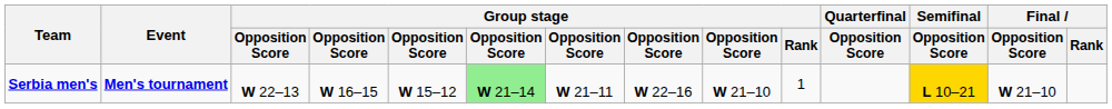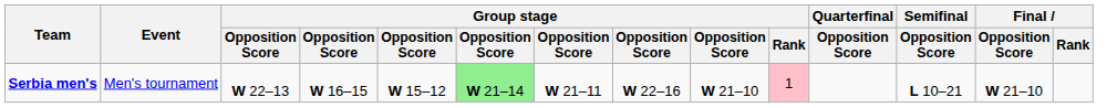 <table class="wikitable" style="font-size:90%">
 <tr>
 <th rowspan=2>Team</th>
 <th rowspan=2>Event</th>
 <th colspan=8>Group stage</th>
 <th>Quarterfinal</th>
 <th>Semifinal</th>
 <th colspan=2>Final / </th>
 </tr>
 <tr style="font-size:95%">
 <th>Opposition<br>Score</th>
 <th>Opposition<br>Score</th>
 <th>Opposition<br>Score</th>
 <th>Opposition<br>Score</th>
 <th>Opposition<br>Score</th>
 <th>Opposition<br>Score</th>
 <th>Opposition<br>Score</th>
 <th>Rank</th>
 <th>Opposition<br>Score</th>
 <th>Opposition<br>Score</th>
 <th>Opposition<br>Score</th>
 <th>Rank</th>
 </tr>
 <tr align=center>
 <td align=left><strong><a href='#'>Serbia men's</a></strong></td>
-<td align=left><strong><a href='#'>Men's tournament</a></strong></td>
+<td align=left><a href='#'>Men's tournament</a></td>
 <td> <br> <strong>W</strong> 22–13</td>
 <td> <br> <strong>W</strong> 16–15</td>
 <td> <br> <strong>W</strong> 15–12</td>
 <td style="background: lightgreen;"> <br> <strong>W</strong> 21–14</td>
 <td> <br> <strong>W</strong> 21–11</td>
 <td> <br> <strong>W</strong> 22–16</td>
 <td> <br> <strong>W</strong> 21–10</td>
-<td>1 <strong></strong></td>
+<td style="background: pink;">1 <strong></strong></td>
 <td></td>
-<td style="background: gold;"> <br> <strong>L</strong> 10–21</td>
+<td> <br> <strong>L</strong> 10–21</td>
 <td> <br> <strong>W</strong> 21–10</td>
 <td></td>
 </tr>
 </table>
